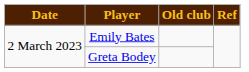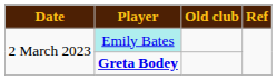 <table class="wikitable" style="text-align:center">
 <tr>
 <th style="background: #4D2004; color: #FBBF15">Date</th>
 <th style="background: #4D2004; color: #FBBF15">Player</th>
 <th style="background: #4D2004; color: #FBBF15">Old club</th>
 <th style="background: #4D2004; color: #FBBF15">Ref</th>
 </tr>
 <tr>
 <td rowspan=2>2 March 2023</td>
-<td><a href='#'>Emily Bates</a></td>
+<td style="background: paleturquoise;"><a href='#'>Emily Bates</a></td>
 <td></td>
 <td rowspan=2></td>
 </tr>
 <tr>
-<td><a href='#'>Greta Bodey</a></td>
+<td><strong><a href='#'>Greta Bodey</a></strong></td>
 <td></td>
 </tr>
 </table>
